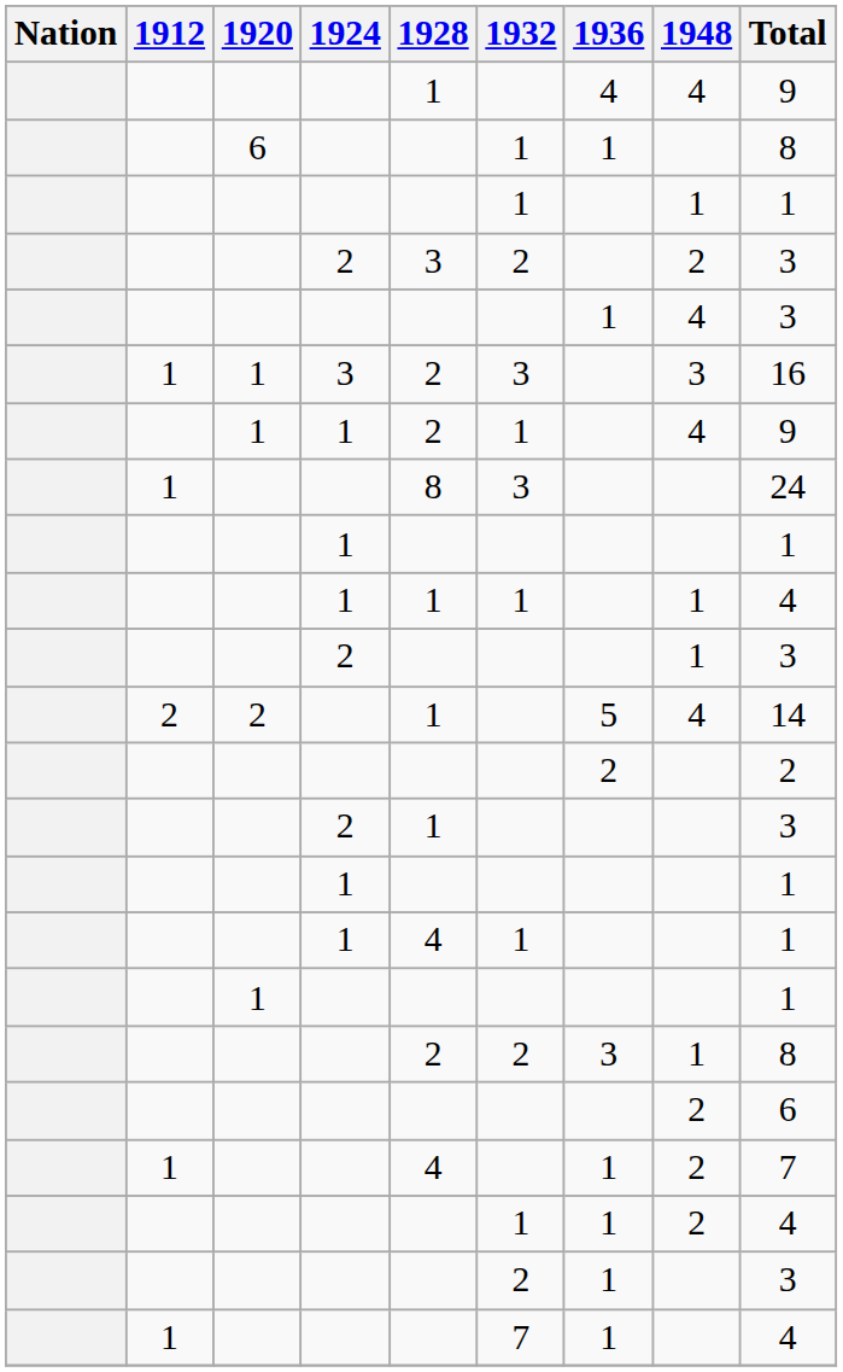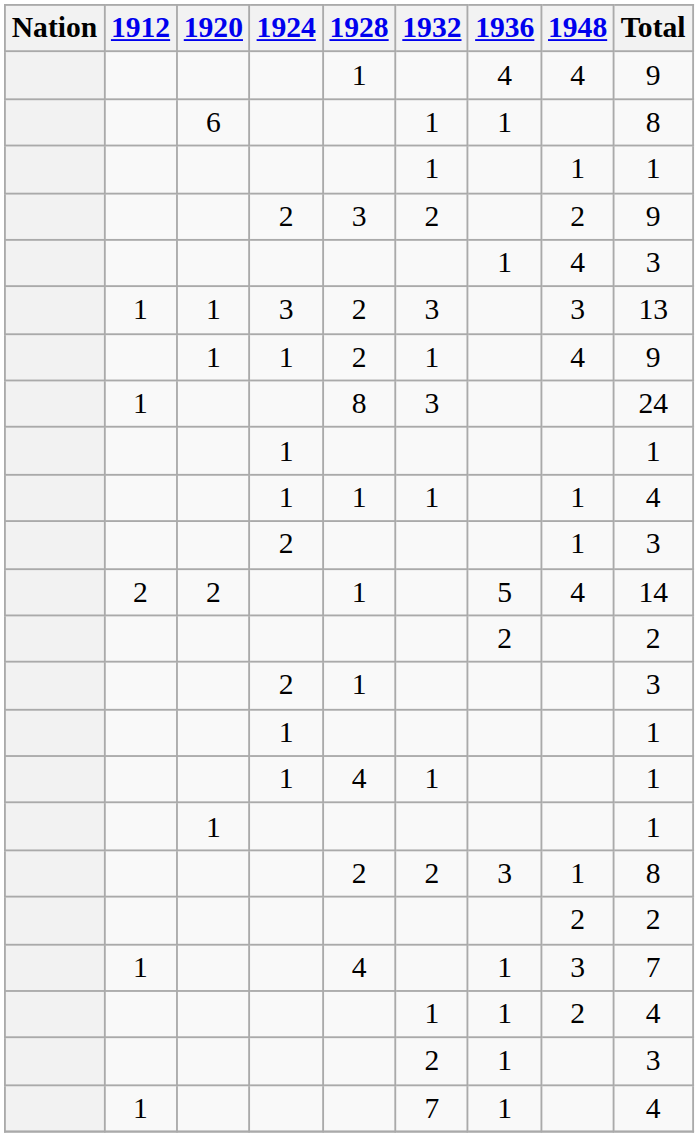 <table class="wikitable plainrowheaders sortable" style="text-align:center">
 <tr>
 <th scope="col">Nation</th>
 <th scope="col"><a href='#'>1912</a></th>
 <th scope="col"><a href='#'>1920</a></th>
 <th scope="col"><a href='#'>1924</a></th>
 <th scope="col"><a href='#'>1928</a></th>
 <th scope="col"><a href='#'>1932</a></th>
 <th scope="col"><a href='#'>1936</a></th>
 <th scope="col"><a href='#'>1948</a></th>
 <th scope="col">Total</th>
 </tr>
 <tr>
 <th scope="row" align=left></th>
 <td></td>
 <td></td>
 <td></td>
 <td>1</td>
 <td></td>
 <td>4</td>
 <td>4</td>
 <td>9</td>
 </tr>
 <tr>
 <th scope="row" align=left></th>
 <td></td>
 <td>6</td>
 <td></td>
 <td></td>
 <td>1</td>
 <td>1</td>
 <td></td>
 <td>8</td>
 </tr>
 <tr>
 <th scope="row" align=left></th>
 <td></td>
 <td></td>
 <td></td>
 <td></td>
 <td>1</td>
 <td></td>
 <td>1</td>
 <td>1</td>
 </tr>
 <tr>
 <th scope="row" align=left></th>
 <td></td>
 <td></td>
 <td>2</td>
 <td>3</td>
 <td>2</td>
 <td></td>
 <td>2</td>
-<td>3</td>
+<td>9</td>
 </tr>
 <tr>
 <th scope="row" align=left></th>
 <td></td>
 <td></td>
 <td></td>
 <td></td>
 <td></td>
 <td>1</td>
 <td>4</td>
 <td>3</td>
 </tr>
 <tr>
 <th scope="row" align=left></th>
 <td>1</td>
 <td>1</td>
 <td>3</td>
 <td>2</td>
 <td>3</td>
 <td></td>
 <td>3</td>
-<td>16</td>
+<td>13</td>
 </tr>
 <tr>
 <th scope="row" align=left></th>
 <td></td>
 <td>1</td>
 <td>1</td>
 <td>2</td>
 <td>1</td>
 <td></td>
 <td>4</td>
 <td>9</td>
 </tr>
 <tr>
 <th scope="row" align=left></th>
 <td>1</td>
 <td></td>
 <td></td>
 <td>8</td>
 <td>3</td>
 <td></td>
 <td></td>
 <td>24</td>
 </tr>
 <tr>
 <th scope="row" align=left></th>
 <td></td>
 <td></td>
 <td>1</td>
 <td></td>
 <td></td>
 <td></td>
 <td></td>
 <td>1</td>
 </tr>
 <tr>
 <th scope="row" align=left></th>
 <td></td>
 <td></td>
 <td>1</td>
 <td>1</td>
 <td>1</td>
 <td></td>
 <td>1</td>
 <td>4</td>
 </tr>
 <tr>
 <th scope="row" align=left></th>
 <td></td>
 <td></td>
 <td>2</td>
 <td></td>
 <td></td>
 <td></td>
 <td>1</td>
 <td>3</td>
 </tr>
 <tr>
 <th scope="row" align=left></th>
 <td>2</td>
 <td>2</td>
 <td></td>
 <td>1</td>
 <td></td>
 <td>5</td>
 <td>4</td>
 <td>14</td>
 </tr>
 <tr>
 <th scope="row" align=left></th>
 <td></td>
 <td></td>
 <td></td>
 <td></td>
 <td></td>
 <td>2</td>
 <td></td>
 <td>2</td>
 </tr>
 <tr>
 <th scope="row" align=left></th>
 <td></td>
 <td></td>
 <td>2</td>
 <td>1</td>
 <td></td>
 <td></td>
 <td></td>
 <td>3</td>
 </tr>
 <tr>
 <th scope="row" align=left></th>
 <td></td>
 <td></td>
 <td>1</td>
 <td></td>
 <td></td>
 <td></td>
 <td></td>
 <td>1</td>
 </tr>
 <tr>
 <th scope="row" align=left></th>
 <td></td>
 <td></td>
 <td>1</td>
 <td>4</td>
 <td>1</td>
 <td></td>
 <td></td>
 <td>1</td>
 </tr>
 <tr>
 <th scope="row" align=left></th>
 <td></td>
 <td>1</td>
 <td></td>
 <td></td>
 <td></td>
 <td></td>
 <td></td>
 <td>1</td>
 </tr>
 <tr>
 <th scope="row" align=left></th>
 <td></td>
 <td></td>
 <td></td>
 <td>2</td>
 <td>2</td>
 <td>3</td>
 <td>1</td>
 <td>8</td>
 </tr>
 <tr>
 <th scope="row" align=left></th>
 <td></td>
 <td></td>
 <td></td>
 <td></td>
 <td></td>
 <td></td>
 <td>2</td>
-<td>6</td>
+<td>2</td>
 </tr>
 <tr>
 <th scope="row" align=left></th>
 <td>1</td>
 <td></td>
 <td></td>
 <td>4</td>
 <td></td>
 <td>1</td>
-<td>2</td>
+<td>3</td>
 <td>7</td>
 </tr>
 <tr>
 <th scope="row" align=left></th>
 <td></td>
 <td></td>
 <td></td>
 <td></td>
 <td>1</td>
 <td>1</td>
 <td>2</td>
 <td>4</td>
 </tr>
 <tr>
 <th scope="row" align=left></th>
 <td></td>
 <td></td>
 <td></td>
 <td></td>
 <td>2</td>
 <td>1</td>
 <td></td>
 <td>3</td>
 </tr>
 <tr>
 <th scope="row" align=left></th>
 <td>1</td>
 <td></td>
 <td></td>
 <td></td>
 <td>7</td>
 <td>1</td>
 <td></td>
 <td>4</td>
 </tr>
 <tr>
 </tr>
 </table>
